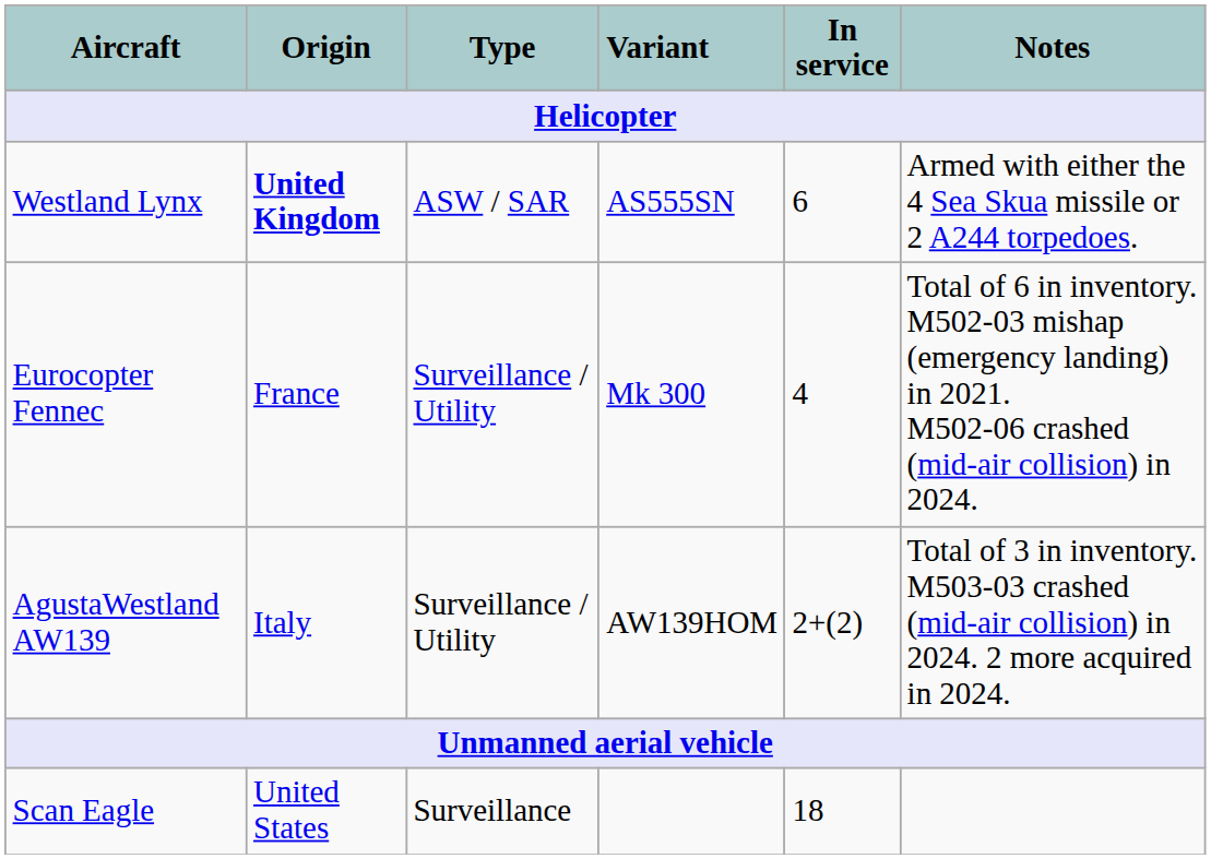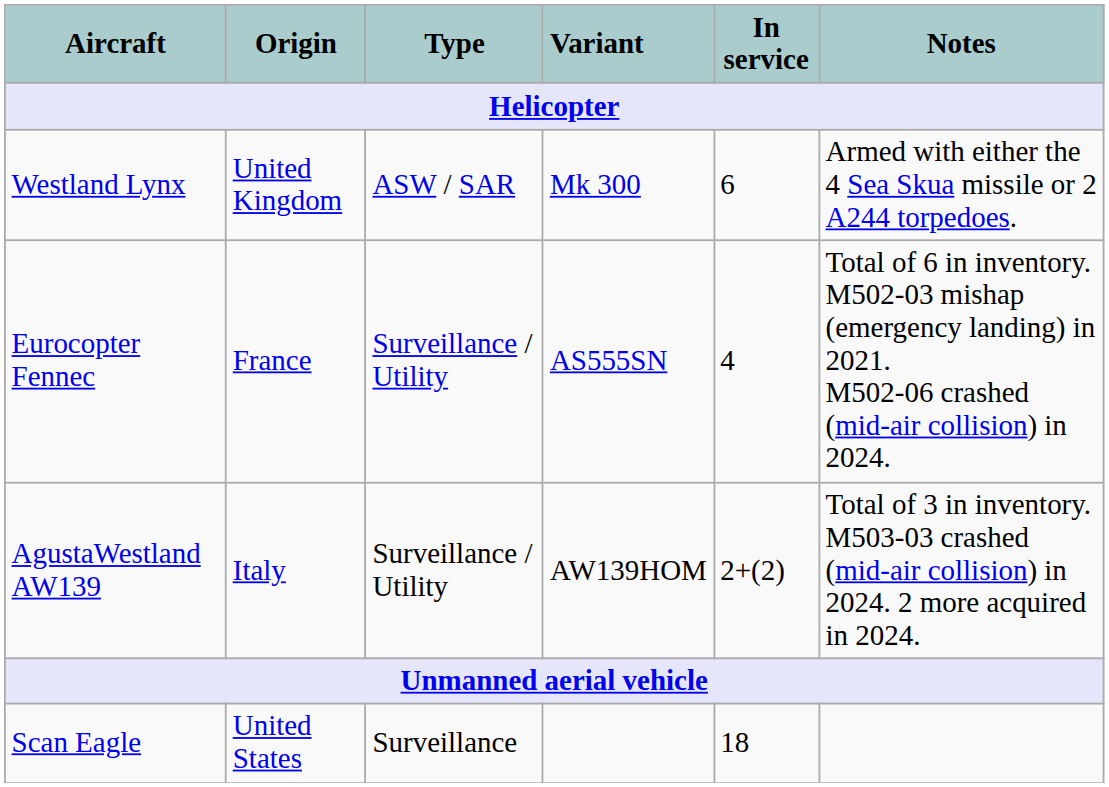 <table class="wikitable">
 <tr>
 <th style="text-align:center; background:#acc;">Aircraft</th>
 <th style="text-align: center; background:#acc;">Origin</th>
 <th style="text-align:l center; background:#acc;">Type</th>
 <th style="text-align:left; background:#acc;">Variant</th>
 <th style="text-align:center; background:#acc;">In service</th>
 <th style="text-align: center; background:#acc;">Notes</th>
 </tr>
 <tr>
 <th style="align: center; background: lavender;" colspan="7"><a href='#'>Helicopter</a></th>
 </tr>
 <tr>
 <td><a href='#'>Westland Lynx</a></td>
-<td><strong><a href='#'>United Kingdom</a></strong></td>
+<td><a href='#'>United Kingdom</a></td>
 <td><a href='#'>ASW</a> / <a href='#'>SAR</a></td>
-<td><a href='#'>AS555SN</a></td>
+<td><a href='#'>Mk 300</a></td>
 <td>6</td>
 <td>Armed with either the 4 <a href='#'>Sea Skua</a> missile or 2 <a href='#'>A244 torpedoes</a>.</td>
 </tr>
 <tr>
 <td><a href='#'>Eurocopter Fennec</a></td>
 <td><a href='#'>France</a></td>
 <td><a href='#'>Surveillance</a> / <a href='#'>Utility</a></td>
-<td><a href='#'>Mk 300</a></td>
+<td><a href='#'>AS555SN</a></td>
 <td>4</td>
 <td>Total of 6 in inventory.<br>M502-03 mishap (emergency landing) in 2021.<br>M502-06 crashed (<a href='#'>mid-air collision</a>) in 2024.</td>
 </tr>
 <tr>
 <td><a href='#'>AgustaWestland AW139</a></td>
 <td><a href='#'>Italy</a></td>
 <td>Surveillance / Utility</td>
 <td>AW139HOM</td>
 <td>2+(2)</td>
 <td>Total of 3 in inventory.<br>M503-03 crashed (<a href='#'>mid-air collision</a>) in 2024. 2 more acquired in 2024.</td>
 </tr>
 <tr>
 <th style="align: center; background: lavender;" colspan="7"><a href='#'>Unmanned aerial vehicle</a></th>
 </tr>
 <tr>
 <td><a href='#'>Scan Eagle</a></td>
 <td><a href='#'>United States</a></td>
 <td>Surveillance</td>
 <td></td>
 <td>18</td>
 <td></td>
 </tr>
 </table>
